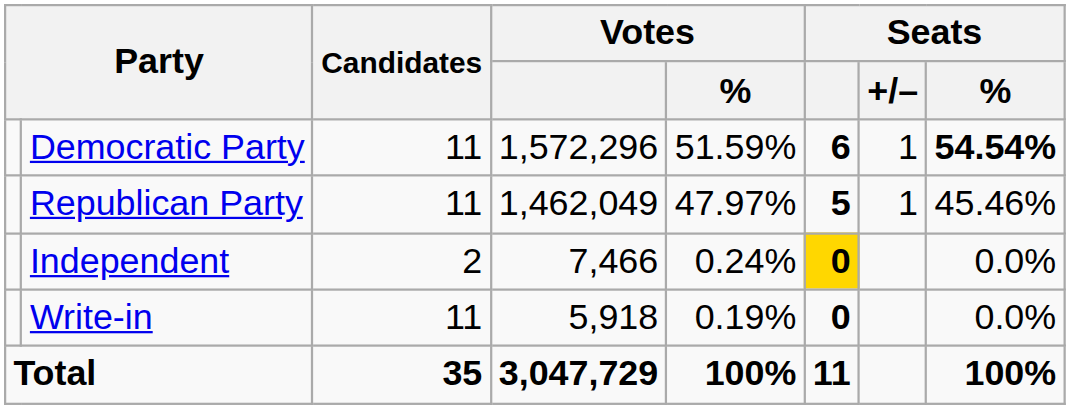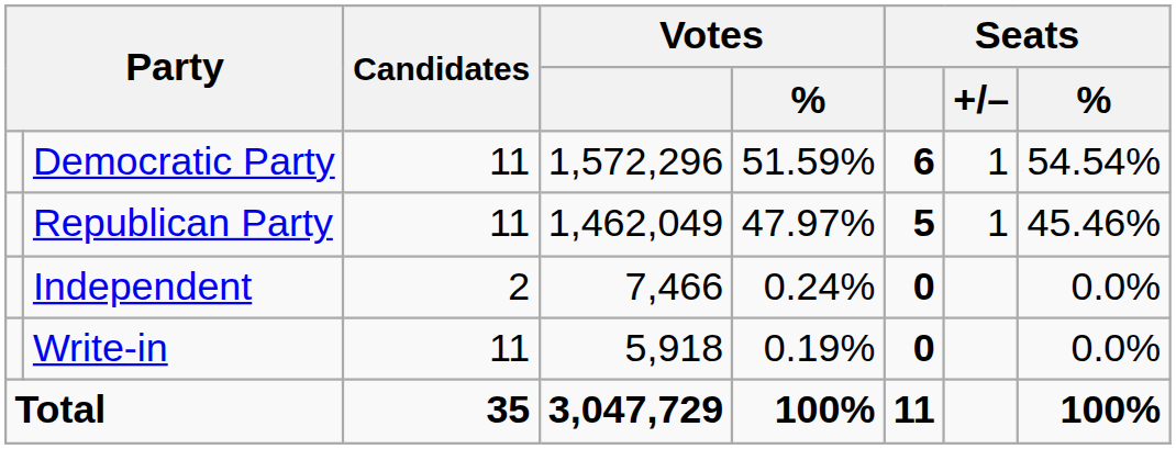 <table class="wikitable" style="font-size:100%; text-align:right;">
 <tr>
 <th colspan="2" rowspan="2">Party</th>
 <th rowspan="2"><small>Candi</small><small>dates</small></th>
 <th colspan="2">Votes</th>
 <th colspan="3">Seats</th>
 </tr>
 <tr>
 <th></th>
 <th>%</th>
 <th></th>
 <th>+/–</th>
 <th>%</th>
 </tr>
 <tr>
 <td style="background:"></td>
 <td align="left"><a href='#'>Democratic Party</a></td>
 <td>11</td>
 <td>1,572,296</td>
 <td>51.59%</td>
 <td><strong>6</strong></td>
 <td>1</td>
-<td><strong>54.54%</strong></td>
+<td>54.54%</td>
 </tr>
 <tr>
 <td style="background:"></td>
 <td align="left"><a href='#'>Republican Party</a></td>
 <td>11</td>
 <td>1,462,049</td>
 <td>47.97%</td>
 <td><strong>5</strong></td>
 <td>1</td>
 <td>45.46%</td>
 </tr>
 <tr>
 <td style="background:"></td>
 <td align="left"><a href='#'>Independent</a></td>
 <td>2</td>
 <td>7,466</td>
 <td>0.24%</td>
-<td style="background: gold;"><strong>0</strong></td>
+<td><strong>0</strong></td>
 <td></td>
 <td>0.0%</td>
 </tr>
 <tr>
 <td style="background:"></td>
 <td align="left"><a href='#'>Write-in</a></td>
 <td>11</td>
 <td>5,918</td>
 <td>0.19%</td>
 <td><strong>0</strong></td>
 <td></td>
 <td>0.0%</td>
 </tr>
 <tr style="font-weight:bold">
 <td colspan="2" align="left">Total</td>
 <td>35</td>
 <td>3,047,729</td>
 <td>100%</td>
 <td>11</td>
 <td></td>
 <td>100%</td>
 </tr>
 </table>
